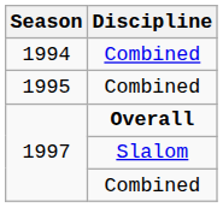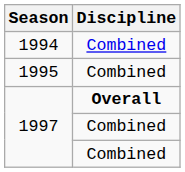 <table class="wikitable">
 <tr>
 <th>Season</th>
 <th>Discipline</th>
 </tr>
 <tr>
 <td align=center>1994</td>
 <td align=center><a href='#'>Combined</a></td>
 </tr>
 <tr>
 <td align=center>1995</td>
 <td align=center>Combined</td>
 </tr>
 <tr>
 <td rowspan=3 align=center>1997</td>
 <td align=center><strong>Overall</strong></td>
 </tr>
 <tr>
-<td align=center><a href='#'>Slalom</a></td>
+<td align=center>Combined</td>
 </tr>
 <tr>
 <td align=center>Combined</td>
 </tr>
 </table>
